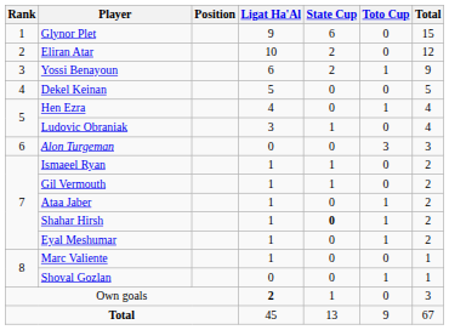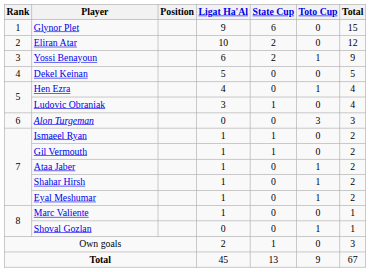 <table class="wikitable">
 <tr>
 <th>Rank</th>
 <th style="width:200px;">Player</th>
 <th>Position</th>
 <th><a href='#'>Ligat Ha'Al</a></th>
 <th><a href='#'>State Cup</a></th>
 <th><a href='#'>Toto Cup</a></th>
 <th>Total</th>
 </tr>
 <tr>
 <td align=center>1</td>
 <td> <a href='#'>Glynor Plet</a></td>
 <td align=center></td>
 <td align=center>9</td>
 <td align=center>6</td>
 <td align=center>0</td>
 <td align=center>15</td>
 </tr>
 <tr>
 <td align=center>2</td>
 <td> <a href='#'>Eliran Atar</a></td>
 <td align=center></td>
 <td align=center>10</td>
 <td align=center>2</td>
 <td align=center>0</td>
 <td align=center>12</td>
 </tr>
 <tr>
 <td align=center>3</td>
 <td> <a href='#'>Yossi Benayoun</a></td>
 <td align=center></td>
 <td align=center>6</td>
 <td align=center>2</td>
 <td align=center>1</td>
 <td align=center>9</td>
 </tr>
 <tr>
 <td align=center>4</td>
 <td> <a href='#'>Dekel Keinan</a></td>
 <td align=center></td>
 <td align=center>5</td>
 <td align=center>0</td>
 <td align=center>0</td>
 <td align=center>5</td>
 </tr>
 <tr>
 <td align=center rowspan=2>5</td>
 <td> <a href='#'>Hen Ezra</a></td>
 <td align=center></td>
 <td align=center>4</td>
 <td align=center>0</td>
 <td align=center>1</td>
 <td align=center>4</td>
 </tr>
 <tr>
 <td> <a href='#'>Ludovic Obraniak</a></td>
 <td align=center></td>
 <td align=center>3</td>
 <td align=center>1</td>
 <td align=center>0</td>
 <td align=center>4</td>
 </tr>
 <tr>
 <td align=center>6</td>
 <td> <em><a href='#'>Alon Turgeman</a></em></td>
 <td align=center></td>
 <td align=center>0</td>
 <td align=center>0</td>
 <td align=center>3</td>
 <td align=center>3</td>
 </tr>
 <tr>
 <td align=center rowspan=5>7</td>
 <td> <a href='#'>Ismaeel Ryan</a></td>
 <td align=center></td>
 <td align=center>1</td>
 <td align=center>1</td>
 <td align=center>0</td>
 <td align=center>2</td>
 </tr>
 <tr>
 <td> <a href='#'>Gil Vermouth</a></td>
 <td align=center></td>
 <td align=center>1</td>
 <td align=center>1</td>
 <td align=center>0</td>
 <td align=center>2</td>
 </tr>
 <tr>
 <td> <a href='#'>Ataa Jaber</a></td>
 <td align=center></td>
 <td align=center>1</td>
 <td align=center>0</td>
 <td align=center>1</td>
 <td align=center>2</td>
 </tr>
 <tr>
 <td> <a href='#'>Shahar Hirsh</a></td>
 <td align=center></td>
 <td align=center>1</td>
-<td align=center><strong>0</strong></td>
+<td align=center>0</td>
 <td align=center>1</td>
 <td align=center>2</td>
 </tr>
 <tr>
 <td> <a href='#'>Eyal Meshumar</a></td>
 <td align=center></td>
 <td align=center>1</td>
 <td align=center>0</td>
 <td align=center>1</td>
 <td align=center>2</td>
 </tr>
 <tr>
 <td align=center rowspan=2>8</td>
 <td> <a href='#'>Marc Valiente</a></td>
 <td align=center></td>
 <td align=center>1</td>
 <td align=center>0</td>
 <td align=center>0</td>
 <td align=center>1</td>
 </tr>
 <tr>
 <td> <a href='#'>Shoval Gozlan</a></td>
 <td align=center></td>
 <td align=center>0</td>
 <td align=center>0</td>
 <td align=center>1</td>
 <td align=center>1</td>
 </tr>
 <tr>
 <td align=center colspan=3>Own goals</td>
-<td align=center><strong>2</strong></td>
+<td align=center>2</td>
 <td align=center>1</td>
 <td align=center>0</td>
 <td align=center>3</td>
 </tr>
 <tr>
 <td align=center colspan=3><strong>Total</strong></td>
 <td align=center>45</td>
 <td align=center>13</td>
 <td align=center>9</td>
 <td align=center>67</td>
 </tr>
 </table>
